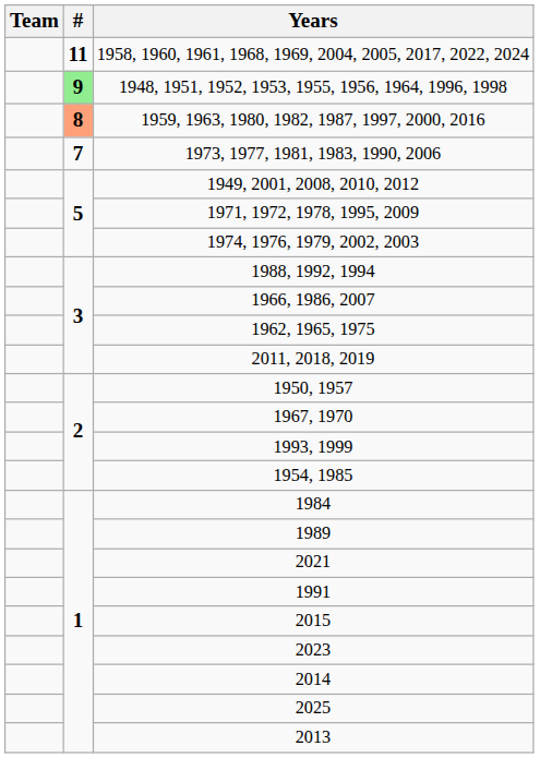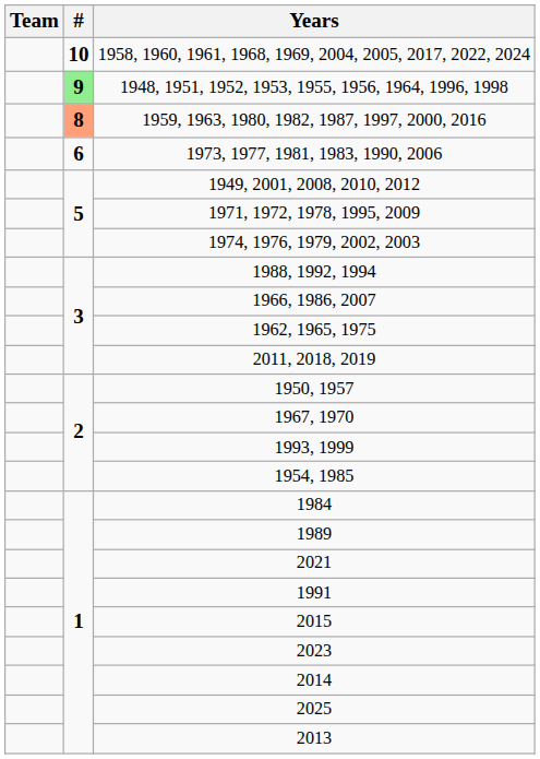 <table class="wikitable" style="text-align:center;">
 <tr>
 <th>Team</th>
 <th>#</th>
 <th class="unsortable">Years</th>
 </tr>
 <tr>
 <td><strong><a href='#'></a></strong></td>
-<td><strong>11</strong></td>
+<td><strong>10</strong></td>
 <td style="font-size:85%;">1958, 1960, 1961, 1968, 1969, 2004, 2005, 2017, 2022, 2024</td>
 </tr>
 <tr>
 <td><strong></strong></td>
 <td style="background: lightgreen;"><strong>9</strong></td>
 <td style="font-size:85%;">1948, 1951, 1952, 1953, 1955, 1956, 1964, 1996, 1998</td>
 </tr>
 <tr>
 <td><strong><a href='#'></a></strong></td>
 <td style="background: lightsalmon;"><strong>8</strong></td>
 <td style="font-size:85%;">1959, 1963, 1980, 1982, 1987, 1997, 2000, 2016</td>
 </tr>
 <tr>
 <td><strong><a href='#'></a></strong></td>
-<td><strong>7</strong></td>
+<td><strong>6</strong></td>
 <td style="font-size:85%;">1973, 1977, 1981, 1983, 1990, 2006</td>
 </tr>
 <tr>
 <td><strong></strong></td>
 <td rowspan=3><strong>5</strong></td>
 <td style="font-size:85%;">1949, 2001, 2008, 2010, 2012</td>
 </tr>
 <tr>
 <td><strong><a href='#'></a></strong></td>
 <td style="font-size:85%;">1971, 1972, 1978, 1995, 2009</td>
 </tr>
 <tr>
 <td><strong></strong></td>
 <td style="font-size:85%;">1974, 1976, 1979, 2002, 2003</td>
 </tr>
 <tr>
 <td><strong></strong></td>
 <td rowspan=4><strong>3</strong></td>
 <td style="font-size:85%;">1988, 1992, 1994</td>
 </tr>
 <tr>
 <td><strong><a href='#'></a></strong></td>
 <td style="font-size:85%;">1966, 1986, 2007</td>
 </tr>
 <tr>
 <td><strong></strong></td>
 <td style="font-size:85%;">1962, 1965, 1975</td>
 </tr>
 <tr>
 <td><strong></strong></td>
 <td style="font-size:85%;">2011, 2018, 2019</td>
 </tr>
 <tr>
 <td><strong></strong></td>
 <td rowspan=4><strong>2</strong></td>
 <td style="font-size:85%;">1950, 1957</td>
 </tr>
 <tr>
 <td><strong><a href='#'></a></strong></td>
 <td style="font-size:85%;">1967, 1970</td>
 </tr>
 <tr>
 <td><strong></strong></td>
 <td style="font-size:85%;">1993, 1999</td>
 </tr>
 <tr>
 <td><strong><a href='#'></a></strong></td>
 <td style="font-size:85%;">1954, 1985</td>
 </tr>
 <tr>
 <td><strong></strong></td>
 <td rowspan=9><strong>1</strong></td>
 <td style="font-size:85%;">1984</td>
 </tr>
 <tr>
 <td><strong><a href='#'></a></strong></td>
 <td style="font-size:85%;">1989</td>
 </tr>
 <tr>
 <td><strong><a href='#'></a></strong></td>
 <td style="font-size:85%;">2021</td>
 </tr>
 <tr>
 <td><strong></strong></td>
 <td style="font-size:85%;">1991</td>
 </tr>
 <tr>
 <td><strong></strong></td>
 <td style="font-size:85%;">2015</td>
 </tr>
 <tr>
 <td><strong></strong></td>
 <td style="font-size:85%;">2023</td>
 </tr>
 <tr>
 <td><strong><a href='#'></a></strong></td>
 <td style="font-size:85%;">2014</td>
 </tr>
 <tr>
 <td><strong></strong></td>
 <td style="font-size:85%;">2025</td>
 </tr>
 <tr>
 <td><strong><a href='#'></a></strong></td>
 <td style="font-size:85%;">2013</td>
 </tr>
 </table>
